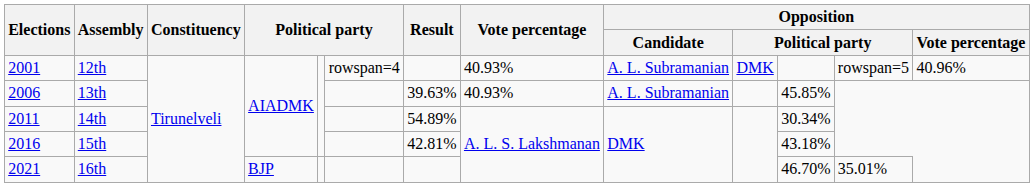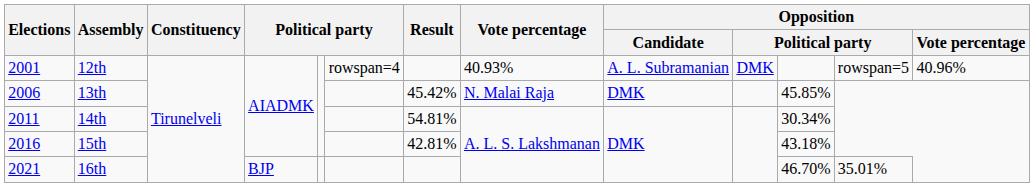 <table class="wikitable sortable">
 <tr>
 <th rowspan="2">Elections</th>
 <th rowspan="2">Assembly</th>
 <th rowspan="2">Constituency</th>
 <th colspan="3" rowspan="2">Political party</th>
 <th rowspan="2">Result</th>
 <th rowspan="2">Vote percentage</th>
 <th colspan="5">Opposition</th>
 </tr>
 <tr>
 <th>Candidate</th>
 <th colspan="3">Political party</th>
 <th>Vote percentage</th>
 </tr>
 <tr>
 <td><a href='#'>2001</a></td>
 <td><a href='#'>12th</a></td>
 <td rowspan="5"><a href='#'>Tirunelveli</a></td>
 <td rowspan="4"><a href='#'>AIADMK</a></td>
 <td rowspan="4"></td>
 <td>rowspan=4 </td>
 <td></td>
 <td>40.93%</td>
 <td><a href='#'>A. L. Subramanian</a></td>
 <td><a href='#'>DMK</a></td>
 <td></td>
 <td>rowspan=5 </td>
 <td>40.96%</td>
 </tr>
 <tr>
 <td><a href='#'>2006</a></td>
 <td><a href='#'>13th</a></td>
 <td></td>
-<td>39.63%</td>
-<td>40.93%</td>
-<td><a href='#'>A. L. Subramanian</a></td>
+<td>45.42%</td>
+<td><a href='#'>N. Malai Raja</a></td>
+<td><a href='#'>DMK</a></td>
 <td></td>
 <td>45.85%</td>
 </tr>
 <tr>
 <td><a href='#'>2011</a></td>
 <td><a href='#'>14th</a></td>
 <td></td>
-<td>54.89%</td>
+<td>54.81%</td>
 <td rowspan="3"><a href='#'>A. L. S. Lakshmanan</a></td>
 <td rowspan="3"><a href='#'>DMK</a></td>
 <td rowspan="3"></td>
 <td>30.34%</td>
 </tr>
 <tr>
 <td><a href='#'>2016</a></td>
 <td><a href='#'>15th</a></td>
 <td></td>
 <td>42.81%</td>
 <td>43.18%</td>
 </tr>
 <tr>
 <td><a href='#'>2021</a></td>
 <td><a href='#'>16th</a></td>
 <td><a href='#'>BJP</a></td>
 <td></td>
 <td></td>
 <td></td>
 <td>46.70%</td>
 <td>35.01%</td>
 </tr>
 </table>
